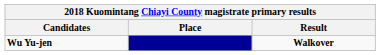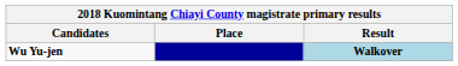 <table class="wikitable collapsible" style="margin:1em auto;">
 <tr>
 <th colspan="6" width=600>2018 Kuomintang <a href='#'>Chiayi County</a> magistrate primary results</th>
 </tr>
 <tr>
 <th width=80>Candidates</th>
 <th width=80>Place</th>
 <th width=80>Result</th>
 </tr>
 <tr>
 <td><strong>Wu Yu-jen</strong></td>
 <td style="background: #000099; text-align:center"><strong></strong></td>
-<td style="text-align:center"><strong>Walkover</strong></td>
+<td style="background: lightblue; text-align:center"><strong>Walkover</strong></td>
 </tr>
 </table>
